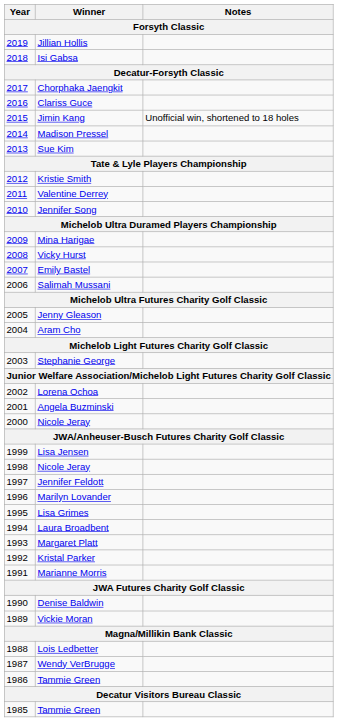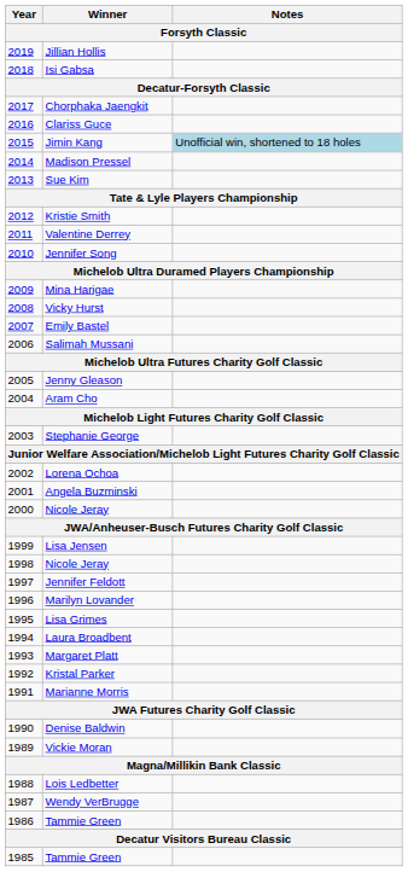 <table class="wikitable" style="font-size:95%">
 <tr>
 <th>Year</th>
 <th>Winner</th>
 <th>Notes</th>
 </tr>
 <tr>
 <th colspan=3>Forsyth Classic</th>
 </tr>
 <tr>
 <td><a href='#'>2019</a></td>
 <td><a href='#'>Jillian Hollis</a></td>
 <td></td>
 </tr>
 <tr>
 <td><a href='#'>2018</a></td>
 <td><a href='#'>Isi Gabsa</a></td>
 <td></td>
 </tr>
 <tr>
 <th colspan=3>Decatur-Forsyth Classic</th>
 </tr>
 <tr>
 <td><a href='#'>2017</a></td>
 <td><a href='#'>Chorphaka Jaengkit</a></td>
 <td></td>
 </tr>
 <tr>
 <td><a href='#'>2016</a></td>
 <td><a href='#'>Clariss Guce</a></td>
 <td></td>
 </tr>
 <tr>
 <td><a href='#'>2015</a></td>
 <td><a href='#'>Jimin Kang</a></td>
-<td>Unofficial win, shortened to 18 holes</td>
+<td style="background: lightblue;">Unofficial win, shortened to 18 holes</td>
 </tr>
 <tr>
 <td><a href='#'>2014</a></td>
 <td><a href='#'>Madison Pressel</a></td>
 <td></td>
 </tr>
 <tr>
 <td><a href='#'>2013</a></td>
 <td><a href='#'>Sue Kim</a></td>
 <td></td>
 </tr>
 <tr>
 <th colspan=3>Tate & Lyle Players Championship</th>
 </tr>
 <tr>
 <td><a href='#'>2012</a></td>
 <td><a href='#'>Kristie Smith</a></td>
 <td></td>
 </tr>
 <tr>
 <td><a href='#'>2011</a></td>
 <td><a href='#'>Valentine Derrey</a></td>
 <td></td>
 </tr>
 <tr>
 <td><a href='#'>2010</a></td>
 <td><a href='#'>Jennifer Song</a></td>
 <td></td>
 </tr>
 <tr>
 <th colspan=3>Michelob Ultra Duramed Players Championship</th>
 </tr>
 <tr>
 <td><a href='#'>2009</a></td>
 <td><a href='#'>Mina Harigae</a></td>
 <td></td>
 </tr>
 <tr>
 <td><a href='#'>2008</a></td>
 <td><a href='#'>Vicky Hurst</a></td>
 <td></td>
 </tr>
 <tr>
 <td><a href='#'>2007</a></td>
 <td><a href='#'>Emily Bastel</a></td>
 <td></td>
 </tr>
 <tr>
 <td>2006</td>
 <td><a href='#'>Salimah Mussani</a></td>
 <td></td>
 </tr>
 <tr>
 <th colspan=3>Michelob Ultra Futures Charity Golf Classic</th>
 </tr>
 <tr>
 <td>2005</td>
 <td><a href='#'>Jenny Gleason</a></td>
 <td></td>
 </tr>
 <tr>
 <td>2004</td>
 <td><a href='#'>Aram Cho</a></td>
 <td></td>
 </tr>
 <tr>
 <th colspan=3>Michelob Light Futures Charity Golf Classic</th>
 </tr>
 <tr>
 <td>2003</td>
 <td><a href='#'>Stephanie George</a></td>
 <td></td>
 </tr>
 <tr>
 <th colspan=3>Junior Welfare Association/Michelob Light Futures Charity Golf Classic</th>
 </tr>
 <tr>
 <td>2002</td>
 <td><a href='#'>Lorena Ochoa</a></td>
 <td></td>
 </tr>
 <tr>
 <td>2001</td>
 <td><a href='#'>Angela Buzminski</a></td>
 <td></td>
 </tr>
 <tr>
 <td>2000</td>
 <td><a href='#'>Nicole Jeray</a></td>
 <td></td>
 </tr>
 <tr>
 <th colspan=3>JWA/Anheuser-Busch Futures Charity Golf Classic</th>
 </tr>
 <tr>
 <td>1999</td>
 <td><a href='#'>Lisa Jensen</a></td>
 <td></td>
 </tr>
 <tr>
 <td>1998</td>
 <td><a href='#'>Nicole Jeray</a></td>
 <td></td>
 </tr>
 <tr>
 <td>1997</td>
 <td><a href='#'>Jennifer Feldott</a></td>
 <td></td>
 </tr>
 <tr>
 <td>1996</td>
 <td><a href='#'>Marilyn Lovander</a></td>
 <td></td>
 </tr>
 <tr>
 <td>1995</td>
 <td><a href='#'>Lisa Grimes</a></td>
 <td></td>
 </tr>
 <tr>
 <td>1994</td>
 <td><a href='#'>Laura Broadbent</a></td>
 <td></td>
 </tr>
 <tr>
 <td>1993</td>
 <td><a href='#'>Margaret Platt</a></td>
 <td></td>
 </tr>
 <tr>
 <td>1992</td>
 <td><a href='#'>Kristal Parker</a></td>
 <td></td>
 </tr>
 <tr>
 <td>1991</td>
 <td><a href='#'>Marianne Morris</a></td>
 <td></td>
 </tr>
 <tr>
 <th colspan=3>JWA Futures Charity Golf Classic</th>
 </tr>
 <tr>
 <td>1990</td>
 <td><a href='#'>Denise Baldwin</a></td>
 <td></td>
 </tr>
 <tr>
 <td>1989</td>
 <td><a href='#'>Vickie Moran</a></td>
 <td></td>
 </tr>
 <tr>
 <th colspan=3>Magna/Millikin Bank Classic</th>
 </tr>
 <tr>
 <td>1988</td>
 <td><a href='#'>Lois Ledbetter</a></td>
 <td></td>
 </tr>
 <tr>
 <td>1987</td>
 <td><a href='#'>Wendy VerBrugge</a></td>
 <td></td>
 </tr>
 <tr>
 <td>1986</td>
 <td><a href='#'>Tammie Green</a></td>
 <td></td>
 </tr>
 <tr>
 <th colspan=3>Decatur Visitors Bureau Classic</th>
 </tr>
 <tr>
 <td>1985</td>
 <td><a href='#'>Tammie Green</a></td>
 <td></td>
 </tr>
 </table>
